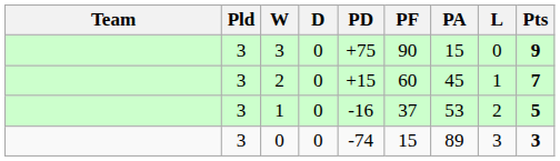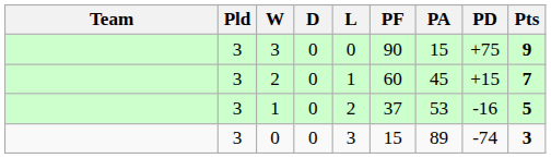 <table class="wikitable" style="text-align:center;">
 <tr>
 <th width=175>Team</th>
 <th width=25 abbr="Played">Pld</th>
 <th width=25 abbr="Won">W</th>
 <th width=25 abbr="Drawn">D</th>
-<th width=32 abbr="Points difference">PD</th>
+<th width=25 abbr="Lost">L</th>
 <th width=32 abbr="Points for">PF</th>
 <th width=32 abbr="Points against">PA</th>
-<th width=25 abbr="Lost">L</th>
+<th width=32 abbr="Points difference">PD</th>
 <th width=25 abbr="Points">Pts</th>
 </tr>
 <tr bgcolor=ccffcc>
 <td align=left></td>
 <td>3</td>
 <td>3</td>
 <td>0</td>
-<td>+75</td>
+<td>0</td>
 <td>90</td>
 <td>15</td>
-<td>0</td>
+<td>+75</td>
 <td><strong>9</strong></td>
 </tr>
 <tr bgcolor=ccffcc>
 <td align=left></td>
 <td>3</td>
 <td>2</td>
 <td>0</td>
-<td>+15</td>
+<td>1</td>
 <td>60</td>
 <td>45</td>
-<td>1</td>
+<td>+15</td>
 <td><strong>7</strong></td>
 </tr>
 <tr bgcolor=ccffcc>
 <td align=left></td>
 <td>3</td>
 <td>1</td>
 <td>0</td>
-<td>-16</td>
+<td>2</td>
 <td>37</td>
 <td>53</td>
-<td>2</td>
+<td>-16</td>
 <td><strong>5</strong></td>
 </tr>
 <tr>
 <td align=left></td>
 <td>3</td>
 <td>0</td>
 <td>0</td>
-<td>-74</td>
+<td>3</td>
 <td>15</td>
 <td>89</td>
-<td>3</td>
+<td>-74</td>
 <td><strong>3</strong></td>
 </tr>
 </table>
